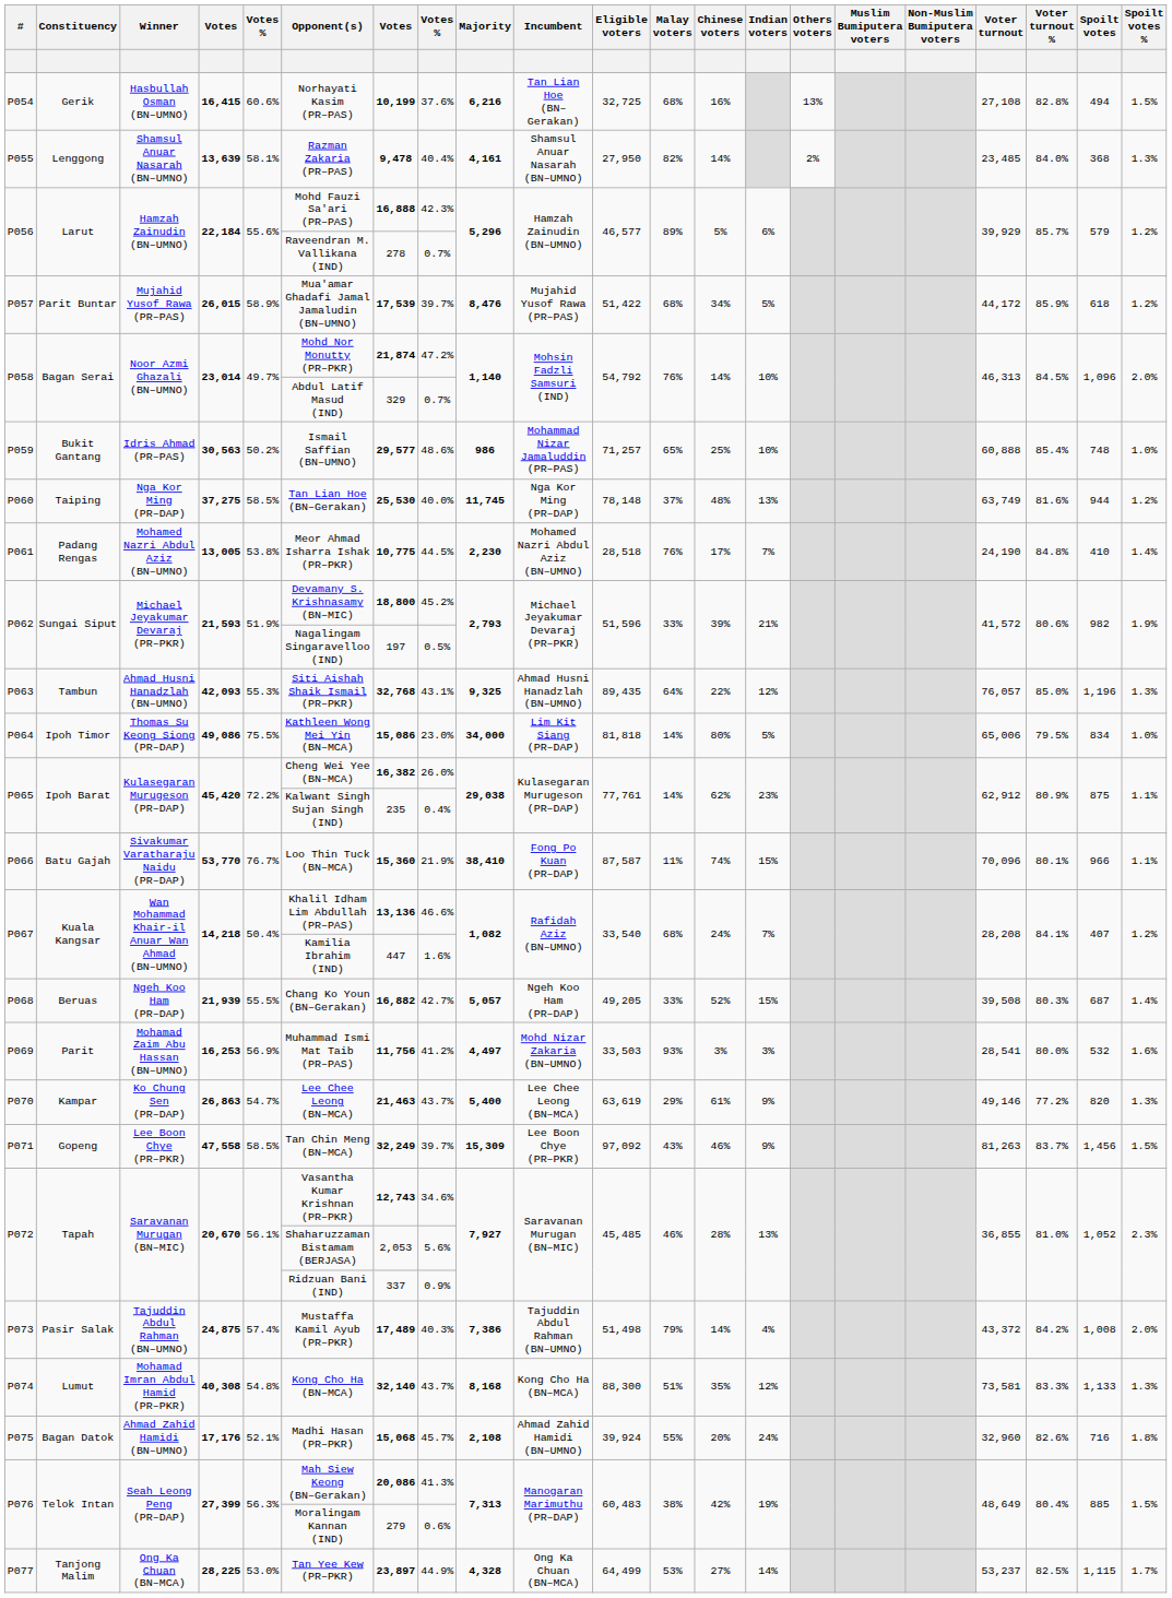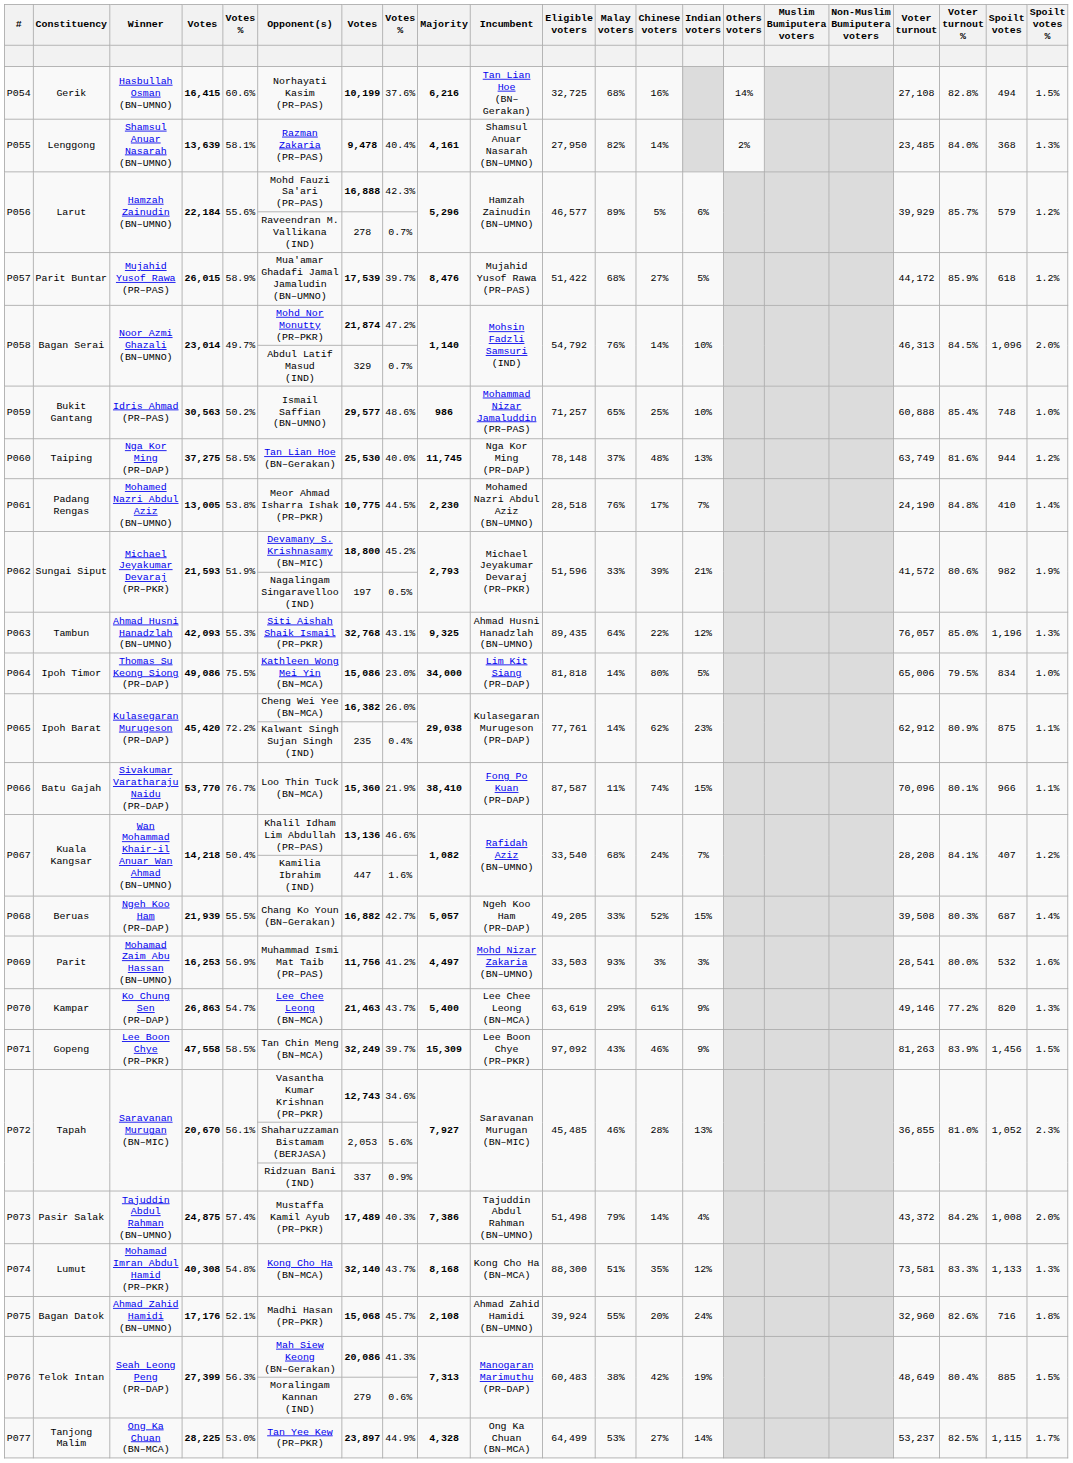 <table class="wikitable sortable" style="text-align:center; font-size:90%">
 <tr>
 <th width="30">#</th>
 <th width="60">Constituency</th>
 <th width="150">Winner</th>
 <th width="50">Votes</th>
 <th width="50">Votes %</th>
 <th width="150">Opponent(s)</th>
 <th width="50">Votes</th>
 <th width="50">Votes %</th>
 <th width="50">Majority</th>
 <th width="150">Incumbent</th>
 <th width="50">Eligible voters</th>
 <th width="50">Malay voters</th>
 <th width="50">Chinese voters</th>
 <th width="50">Indian voters</th>
 <th width="50">Others voters</th>
 <th width="50">Muslim Bumiputera voters</th>
 <th width="50">Non-Muslim Bumiputera voters</th>
 <th width="50">Voter turnout</th>
 <th width="50">Voter turnout %</th>
 <th width="50">Spoilt votes</th>
 <th width="50">Spoilt votes %</th>
 </tr>
 <tr>
 <th height="20"></th>
 <th></th>
 <th></th>
 <th></th>
 <th></th>
 <th></th>
 <th></th>
 <th></th>
 <th></th>
 <th></th>
 <th></th>
 <th></th>
 <th></th>
 <th></th>
 <th></th>
 <th></th>
 <th></th>
 <th></th>
 <th></th>
 <th></th>
 <th></th>
 </tr>
 <tr>
 <td>P054</td>
 <td>Gerik</td>
 <td><a href='#'>Hasbullah Osman</a><br>(BN–UMNO)</td>
 <td><strong>16,415</strong></td>
 <td>60.6%</td>
 <td>Norhayati Kasim<br>(PR–PAS)</td>
 <td><strong>10,199</strong></td>
 <td>37.6%</td>
 <td><strong>6,216</strong></td>
 <td><a href='#'>Tan Lian Hoe</a><br>(BN–Gerakan)</td>
 <td>32,725</td>
 <td>68%</td>
 <td>16%</td>
 <td bgcolor="dcdcdc"></td>
-<td>13%</td>
+<td>14%</td>
 <td bgcolor="dcdcdc"></td>
 <td bgcolor="dcdcdc"></td>
 <td>27,108</td>
 <td>82.8%</td>
 <td>494</td>
 <td>1.5%</td>
 </tr>
 <tr>
 <td>P055</td>
 <td>Lenggong</td>
 <td><a href='#'>Shamsul Anuar Nasarah</a><br>(BN–UMNO)</td>
 <td><strong>13,639</strong></td>
 <td>58.1%</td>
 <td><a href='#'>Razman Zakaria</a><br>(PR–PAS)</td>
 <td><strong>9,478</strong></td>
 <td>40.4%</td>
 <td><strong>4,161</strong></td>
 <td>Shamsul Anuar Nasarah<br>(BN–UMNO)</td>
 <td>27,950</td>
 <td>82%</td>
 <td>14%</td>
 <td bgcolor="dcdcdc"></td>
 <td>2%</td>
 <td bgcolor="dcdcdc"></td>
 <td bgcolor="dcdcdc"></td>
 <td>23,485</td>
 <td>84.0%</td>
 <td>368</td>
 <td>1.3%</td>
 </tr>
 <tr>
 <td rowspan="2">P056</td>
 <td rowspan="2">Larut</td>
 <td rowspan="2"><a href='#'>Hamzah Zainudin</a><br>(BN–UMNO)</td>
 <td rowspan="2"><strong>22,184</strong></td>
 <td rowspan="2">55.6%</td>
 <td>Mohd Fauzi Sa'ari<br>(PR–PAS)</td>
 <td><strong>16,888</strong></td>
 <td>42.3%</td>
 <td rowspan="2"><strong>5,296</strong></td>
 <td rowspan="2">Hamzah Zainudin<br>(BN–UMNO)</td>
 <td rowspan="2">46,577</td>
 <td rowspan="2">89%</td>
 <td rowspan="2">5%</td>
 <td rowspan="2">6%</td>
 <td rowspan="2" bgcolor="dcdcdc"></td>
 <td rowspan="2" bgcolor="dcdcdc"></td>
 <td rowspan="2" bgcolor="dcdcdc"></td>
 <td rowspan="2">39,929</td>
 <td rowspan="2">85.7%</td>
 <td rowspan="2">579</td>
 <td rowspan="2">1.2%</td>
 </tr>
 <tr>
 <td>Raveendran M. Vallikana<br>(IND)</td>
 <td>278</td>
 <td>0.7%</td>
 </tr>
 <tr>
 <td>P057</td>
 <td>Parit Buntar</td>
 <td><a href='#'>Mujahid Yusof Rawa</a><br>(PR–PAS)</td>
 <td><strong>26,015</strong></td>
 <td>58.9%</td>
 <td>Mua'amar Ghadafi Jamal Jamaludin<br>(BN–UMNO)</td>
 <td><strong>17,539</strong></td>
 <td>39.7%</td>
 <td><strong>8,476</strong></td>
 <td>Mujahid Yusof Rawa<br>(PR–PAS)</td>
 <td>51,422</td>
 <td>68%</td>
-<td>34%</td>
+<td>27%</td>
 <td>5%</td>
 <td bgcolor="dcdcdc"></td>
 <td bgcolor="dcdcdc"></td>
 <td bgcolor="dcdcdc"></td>
 <td>44,172</td>
 <td>85.9%</td>
 <td>618</td>
 <td>1.2%</td>
 </tr>
 <tr>
 <td rowspan="2">P058</td>
 <td rowspan="2">Bagan Serai</td>
 <td rowspan="2"><a href='#'>Noor Azmi Ghazali</a><br>(BN–UMNO)</td>
 <td rowspan="2"><strong>23,014</strong></td>
 <td rowspan="2">49.7%</td>
 <td><a href='#'>Mohd Nor Monutty</a><br>(PR–PKR)</td>
 <td><strong>21,874</strong></td>
 <td>47.2%</td>
 <td rowspan="2"><strong>1,140</strong></td>
 <td rowspan="2"><a href='#'>Mohsin Fadzli Samsuri</a><br>(IND)</td>
 <td rowspan="2">54,792</td>
 <td rowspan="2">76%</td>
 <td rowspan="2">14%</td>
 <td rowspan="2">10%</td>
 <td rowspan="2" bgcolor="dcdcdc"></td>
 <td rowspan="2" bgcolor="dcdcdc"></td>
 <td rowspan="2" bgcolor="dcdcdc"></td>
 <td rowspan="2">46,313</td>
 <td rowspan="2">84.5%</td>
 <td rowspan="2">1,096</td>
 <td rowspan="2">2.0%</td>
 </tr>
 <tr>
 <td>Abdul Latif Masud<br>(IND)</td>
 <td>329</td>
 <td>0.7%</td>
 </tr>
 <tr>
 <td>P059</td>
 <td>Bukit Gantang</td>
 <td><a href='#'>Idris Ahmad</a> <br>(PR–PAS)</td>
 <td><strong>30,563</strong></td>
 <td>50.2%</td>
 <td>Ismail Saffian<br>(BN–UMNO)</td>
 <td><strong>29,577</strong></td>
 <td>48.6%</td>
 <td><strong>986</strong></td>
 <td><a href='#'>Mohammad Nizar Jamaluddin</a><br>(PR–PAS)</td>
 <td>71,257</td>
 <td>65%</td>
 <td>25%</td>
 <td>10%</td>
 <td bgcolor="dcdcdc"></td>
 <td bgcolor="dcdcdc"></td>
 <td bgcolor="dcdcdc"></td>
 <td>60,888</td>
 <td>85.4%</td>
 <td>748</td>
 <td>1.0%</td>
 </tr>
 <tr>
 <td>P060</td>
 <td>Taiping</td>
 <td><a href='#'>Nga Kor Ming</a><br>(PR–DAP)</td>
 <td><strong>37,275</strong></td>
 <td>58.5%</td>
 <td><a href='#'>Tan Lian Hoe</a><br>(BN–Gerakan)</td>
 <td><strong>25,530</strong></td>
 <td>40.0%</td>
 <td><strong>11,745</strong></td>
 <td>Nga Kor Ming<br>(PR–DAP)</td>
 <td>78,148</td>
 <td>37%</td>
 <td>48%</td>
 <td>13%</td>
 <td bgcolor="dcdcdc"></td>
 <td bgcolor="dcdcdc"></td>
 <td bgcolor="dcdcdc"></td>
 <td>63,749</td>
 <td>81.6%</td>
 <td>944</td>
 <td>1.2%</td>
 </tr>
 <tr>
 <td>P061</td>
 <td>Padang Rengas</td>
 <td><a href='#'>Mohamed Nazri Abdul Aziz</a><br>(BN–UMNO)</td>
 <td><strong>13,005</strong></td>
 <td>53.8%</td>
 <td>Meor Ahmad Isharra Ishak<br>(PR–PKR)</td>
 <td><strong>10,775</strong></td>
 <td>44.5%</td>
 <td><strong>2,230</strong></td>
 <td>Mohamed Nazri Abdul Aziz<br>(BN–UMNO)</td>
 <td>28,518</td>
 <td>76%</td>
 <td>17%</td>
 <td>7%</td>
 <td bgcolor="dcdcdc"></td>
 <td bgcolor="dcdcdc"></td>
 <td bgcolor="dcdcdc"></td>
 <td>24,190</td>
 <td>84.8%</td>
 <td>410</td>
 <td>1.4%</td>
 </tr>
 <tr>
 <td rowspan="2">P062</td>
 <td rowspan="2">Sungai Siput</td>
 <td rowspan="2"><a href='#'>Michael Jeyakumar Devaraj</a><br>(PR–PKR)</td>
 <td rowspan="2"><strong>21,593</strong></td>
 <td rowspan="2">51.9%</td>
 <td><a href='#'>Devamany S. Krishnasamy</a><br>(BN–MIC)</td>
 <td><strong>18,800</strong></td>
 <td>45.2%</td>
 <td rowspan="2"><strong>2,793</strong></td>
 <td rowspan="2">Michael Jeyakumar Devaraj<br>(PR–PKR)</td>
 <td rowspan="2">51,596</td>
 <td rowspan="2">33%</td>
 <td rowspan="2">39%</td>
 <td rowspan="2">21%</td>
 <td rowspan="2" bgcolor="dcdcdc"></td>
 <td rowspan="2" bgcolor="dcdcdc"></td>
 <td rowspan="2" bgcolor="dcdcdc"></td>
 <td rowspan="2">41,572</td>
 <td rowspan="2">80.6%</td>
 <td rowspan="2">982</td>
 <td rowspan="2">1.9%</td>
 </tr>
 <tr>
 <td>Nagalingam Singaravelloo<br>(IND)</td>
 <td>197</td>
 <td>0.5%</td>
 </tr>
 <tr>
 <td>P063</td>
 <td>Tambun</td>
 <td><a href='#'>Ahmad Husni Hanadzlah</a><br>(BN–UMNO)</td>
 <td><strong>42,093</strong></td>
 <td>55.3%</td>
 <td><a href='#'>Siti Aishah Shaik Ismail</a><br>(PR–PKR)</td>
 <td><strong>32,768</strong></td>
 <td>43.1%</td>
 <td><strong>9,325</strong></td>
 <td>Ahmad Husni Hanadzlah<br>(BN–UMNO)</td>
 <td>89,435</td>
 <td>64%</td>
 <td>22%</td>
 <td>12%</td>
 <td bgcolor="dcdcdc"></td>
 <td bgcolor="dcdcdc"></td>
 <td bgcolor="dcdcdc"></td>
 <td>76,057</td>
 <td>85.0%</td>
 <td>1,196</td>
 <td>1.3%</td>
 </tr>
 <tr>
 <td>P064</td>
 <td>Ipoh Timor</td>
 <td><a href='#'>Thomas Su Keong Siong</a><br>(PR–DAP)</td>
 <td><strong>49,086</strong></td>
 <td>75.5%</td>
 <td><a href='#'>Kathleen Wong Mei Yin</a><br>(BN–MCA)</td>
 <td><strong>15,086</strong></td>
 <td>23.0%</td>
 <td><strong>34,000</strong></td>
 <td><a href='#'>Lim Kit Siang</a><br>(PR–DAP)</td>
 <td>81,818</td>
 <td>14%</td>
 <td>80%</td>
 <td>5%</td>
 <td bgcolor="dcdcdc"></td>
 <td bgcolor="dcdcdc"></td>
 <td bgcolor="dcdcdc"></td>
 <td>65,006</td>
 <td>79.5%</td>
 <td>834</td>
 <td>1.0%</td>
 </tr>
 <tr>
 <td rowspan="2">P065</td>
 <td rowspan="2">Ipoh Barat</td>
 <td rowspan="2"><a href='#'>Kulasegaran Murugeson</a><br>(PR–DAP)</td>
 <td rowspan="2"><strong>45,420</strong></td>
 <td rowspan="2">72.2%</td>
 <td>Cheng Wei Yee<br>(BN–MCA)</td>
 <td><strong>16,382</strong></td>
 <td>26.0%</td>
 <td rowspan="2"><strong>29,038</strong></td>
 <td rowspan="2">Kulasegaran Murugeson<br>(PR–DAP)</td>
 <td rowspan="2">77,761</td>
 <td rowspan="2">14%</td>
 <td rowspan="2">62%</td>
 <td rowspan="2">23%</td>
 <td rowspan="2" bgcolor="dcdcdc"></td>
 <td rowspan="2" bgcolor="dcdcdc"></td>
 <td rowspan="2" bgcolor="dcdcdc"></td>
 <td rowspan="2">62,912</td>
 <td rowspan="2">80.9%</td>
 <td rowspan="2">875</td>
 <td rowspan="2">1.1%</td>
 </tr>
 <tr>
 <td>Kalwant Singh Sujan Singh<br>(IND)</td>
 <td>235</td>
 <td>0.4%</td>
 </tr>
 <tr>
 <td>P066</td>
 <td>Batu Gajah</td>
 <td><a href='#'>Sivakumar Varatharaju Naidu</a><br>(PR–DAP)</td>
 <td><strong>53,770</strong></td>
 <td>76.7%</td>
 <td>Loo Thin Tuck<br>(BN–MCA)</td>
 <td><strong>15,360</strong></td>
 <td>21.9%</td>
 <td><strong>38,410</strong></td>
 <td><a href='#'>Fong Po Kuan</a><br>(PR–DAP)</td>
 <td>87,587</td>
 <td>11%</td>
 <td>74%</td>
 <td>15%</td>
 <td bgcolor="dcdcdc"></td>
 <td bgcolor="dcdcdc"></td>
 <td bgcolor="dcdcdc"></td>
 <td>70,096</td>
 <td>80.1%</td>
 <td>966</td>
 <td>1.1%</td>
 </tr>
 <tr>
 <td rowspan="2">P067</td>
 <td rowspan="2">Kuala Kangsar</td>
 <td rowspan="2"><a href='#'>Wan Mohammad Khair-il Anuar Wan Ahmad</a><br>(BN–UMNO)</td>
 <td rowspan="2"><strong>14,218</strong></td>
 <td rowspan="2">50.4%</td>
 <td>Khalil Idham Lim Abdullah<br>(PR–PAS)</td>
 <td><strong>13,136</strong></td>
 <td>46.6%</td>
 <td rowspan="2"><strong>1,082</strong></td>
 <td rowspan="2"><a href='#'>Rafidah Aziz</a><br>(BN–UMNO)</td>
 <td rowspan="2">33,540</td>
 <td rowspan="2">68%</td>
 <td rowspan="2">24%</td>
 <td rowspan="2">7%</td>
 <td rowspan="2" bgcolor="dcdcdc"></td>
 <td rowspan="2" bgcolor="dcdcdc"></td>
 <td rowspan="2" bgcolor="dcdcdc"></td>
 <td rowspan="2">28,208</td>
 <td rowspan="2">84.1%</td>
 <td rowspan="2">407</td>
 <td rowspan="2">1.2%</td>
 </tr>
 <tr>
 <td>Kamilia Ibrahim<br>(IND)</td>
 <td>447</td>
 <td>1.6%</td>
 </tr>
 <tr>
 <td>P068</td>
 <td>Beruas</td>
 <td><a href='#'>Ngeh Koo Ham</a><br>(PR–DAP)</td>
 <td><strong>21,939</strong></td>
 <td>55.5%</td>
 <td>Chang Ko Youn<br>(BN–Gerakan)</td>
 <td><strong>16,882</strong></td>
 <td>42.7%</td>
 <td><strong>5,057</strong></td>
 <td>Ngeh Koo Ham<br>(PR–DAP)</td>
 <td>49,205</td>
 <td>33%</td>
 <td>52%</td>
 <td>15%</td>
 <td bgcolor="dcdcdc"></td>
 <td bgcolor="dcdcdc"></td>
 <td bgcolor="dcdcdc"></td>
 <td>39,508</td>
 <td>80.3%</td>
 <td>687</td>
 <td>1.4%</td>
 </tr>
 <tr>
 <td>P069</td>
 <td>Parit</td>
 <td><a href='#'>Mohamad Zaim Abu Hassan</a><br>(BN–UMNO)</td>
 <td><strong>16,253</strong></td>
 <td>56.9%</td>
 <td>Muhammad Ismi Mat Taib<br>(PR–PAS)</td>
 <td><strong>11,756</strong></td>
 <td>41.2%</td>
 <td><strong>4,497</strong></td>
 <td><a href='#'>Mohd Nizar Zakaria</a><br>(BN–UMNO)</td>
 <td>33,503</td>
 <td>93%</td>
 <td>3%</td>
 <td>3%</td>
 <td bgcolor="dcdcdc"></td>
 <td bgcolor="dcdcdc"></td>
 <td bgcolor="dcdcdc"></td>
 <td>28,541</td>
 <td>80.0%</td>
 <td>532</td>
 <td>1.6%</td>
 </tr>
 <tr>
 <td>P070</td>
 <td>Kampar</td>
 <td><a href='#'>Ko Chung Sen</a><br>(PR–DAP)</td>
 <td><strong>26,863</strong></td>
 <td>54.7%</td>
 <td><a href='#'>Lee Chee Leong</a><br>(BN–MCA)</td>
 <td><strong>21,463</strong></td>
 <td>43.7%</td>
 <td><strong>5,400</strong></td>
 <td>Lee Chee Leong<br>(BN–MCA)</td>
 <td>63,619</td>
 <td>29%</td>
 <td>61%</td>
 <td>9%</td>
 <td bgcolor="dcdcdc"></td>
 <td bgcolor="dcdcdc"></td>
 <td bgcolor="dcdcdc"></td>
 <td>49,146</td>
 <td>77.2%</td>
 <td>820</td>
 <td>1.3%</td>
 </tr>
 <tr>
 <td>P071</td>
 <td>Gopeng</td>
 <td><a href='#'>Lee Boon Chye</a><br>(PR–PKR)</td>
 <td><strong>47,558</strong></td>
 <td>58.5%</td>
 <td>Tan Chin Meng<br>(BN–MCA)</td>
 <td><strong>32,249</strong></td>
 <td>39.7%</td>
 <td><strong>15,309</strong></td>
 <td>Lee Boon Chye<br>(PR–PKR)</td>
 <td>97,092</td>
 <td>43%</td>
 <td>46%</td>
 <td>9%</td>
 <td bgcolor="dcdcdc"></td>
 <td bgcolor="dcdcdc"></td>
 <td bgcolor="dcdcdc"></td>
 <td>81,263</td>
-<td>83.7%</td>
+<td>83.9%</td>
 <td>1,456</td>
 <td>1.5%</td>
 </tr>
 <tr>
 <td rowspan="3">P072</td>
 <td rowspan="3">Tapah</td>
 <td rowspan="3"><a href='#'>Saravanan Murugan</a><br>(BN–MIC)</td>
 <td rowspan="3"><strong>20,670</strong></td>
 <td rowspan="3">56.1%</td>
 <td>Vasantha Kumar Krishnan<br>(PR–PKR)</td>
 <td><strong>12,743</strong></td>
 <td>34.6%</td>
 <td rowspan="3"><strong>7,927</strong></td>
 <td rowspan="3">Saravanan Murugan<br>(BN–MIC)</td>
 <td rowspan="3">45,485</td>
 <td rowspan="3">46%</td>
 <td rowspan="3">28%</td>
 <td rowspan="3">13%</td>
 <td rowspan="3" bgcolor="dcdcdc"></td>
 <td rowspan="3" bgcolor="dcdcdc"></td>
 <td rowspan="3" bgcolor="dcdcdc"></td>
 <td rowspan="3">36,855</td>
 <td rowspan="3">81.0%</td>
 <td rowspan="3">1,052</td>
 <td rowspan="3">2.3%</td>
 </tr>
 <tr>
 <td>Shaharuzzaman Bistamam<br>(BERJASA)</td>
 <td>2,053</td>
 <td>5.6%</td>
 </tr>
 <tr>
 <td>Ridzuan Bani<br>(IND)</td>
 <td>337</td>
 <td>0.9%</td>
 </tr>
 <tr>
 <td>P073</td>
 <td>Pasir Salak</td>
 <td><a href='#'>Tajuddin Abdul Rahman</a><br>(BN–UMNO)</td>
 <td><strong>24,875</strong></td>
 <td>57.4%</td>
 <td>Mustaffa Kamil Ayub<br>(PR–PKR)</td>
 <td><strong>17,489</strong></td>
 <td>40.3%</td>
 <td><strong>7,386</strong></td>
 <td>Tajuddin Abdul Rahman<br>(BN–UMNO)</td>
 <td>51,498</td>
 <td>79%</td>
 <td>14%</td>
 <td>4%</td>
 <td bgcolor="dcdcdc"></td>
 <td bgcolor="dcdcdc"></td>
 <td bgcolor="dcdcdc"></td>
 <td>43,372</td>
 <td>84.2%</td>
 <td>1,008</td>
 <td>2.0%</td>
 </tr>
 <tr>
 <td>P074</td>
 <td>Lumut</td>
 <td><a href='#'>Mohamad Imran Abdul Hamid</a><br>(PR–PKR)</td>
 <td><strong>40,308</strong></td>
 <td>54.8%</td>
 <td><a href='#'>Kong Cho Ha</a><br>(BN–MCA)</td>
 <td><strong>32,140</strong></td>
 <td>43.7%</td>
 <td><strong>8,168</strong></td>
 <td>Kong Cho Ha<br>(BN–MCA)</td>
 <td>88,300</td>
 <td>51%</td>
 <td>35%</td>
 <td>12%</td>
 <td bgcolor="dcdcdc"></td>
 <td bgcolor="dcdcdc"></td>
 <td bgcolor="dcdcdc"></td>
 <td>73,581</td>
 <td>83.3%</td>
 <td>1,133</td>
 <td>1.3%</td>
 </tr>
 <tr>
 <td>P075</td>
 <td>Bagan Datok</td>
 <td><a href='#'>Ahmad Zahid Hamidi</a><br>(BN–UMNO)</td>
 <td><strong>17,176</strong></td>
 <td>52.1%</td>
 <td>Madhi Hasan<br>(PR–PKR)</td>
 <td><strong>15,068</strong></td>
 <td>45.7%</td>
 <td><strong>2,108</strong></td>
 <td>Ahmad Zahid Hamidi<br>(BN–UMNO)</td>
 <td>39,924</td>
 <td>55%</td>
 <td>20%</td>
 <td>24%</td>
 <td bgcolor="dcdcdc"></td>
 <td bgcolor="dcdcdc"></td>
 <td bgcolor="dcdcdc"></td>
 <td>32,960</td>
 <td>82.6%</td>
 <td>716</td>
 <td>1.8%</td>
 </tr>
 <tr>
 <td rowspan="2">P076</td>
 <td rowspan="2">Telok Intan</td>
 <td rowspan="2"><a href='#'>Seah Leong Peng</a><br>(PR–DAP)</td>
 <td rowspan="2"><strong>27,399</strong></td>
 <td rowspan="2">56.3%</td>
 <td><a href='#'>Mah Siew Keong</a><br>(BN–Gerakan)</td>
 <td><strong>20,086</strong></td>
 <td>41.3%</td>
 <td rowspan="2"><strong>7,313</strong></td>
 <td rowspan="2"><a href='#'>Manogaran Marimuthu</a><br>(PR–DAP)</td>
 <td rowspan="2">60,483</td>
 <td rowspan="2">38%</td>
 <td rowspan="2">42%</td>
 <td rowspan="2">19%</td>
 <td rowspan="2" bgcolor="dcdcdc"></td>
 <td rowspan="2" bgcolor="dcdcdc"></td>
 <td rowspan="2" bgcolor="dcdcdc"></td>
 <td rowspan="2">48,649</td>
 <td rowspan="2">80.4%</td>
 <td rowspan="2">885</td>
 <td rowspan="2">1.5%</td>
 </tr>
 <tr>
 <td>Moralingam Kannan<br>(IND)</td>
 <td>279</td>
 <td>0.6%</td>
 </tr>
 <tr>
 <td>P077</td>
 <td>Tanjong Malim</td>
 <td><a href='#'>Ong Ka Chuan</a><br>(BN–MCA)</td>
 <td><strong>28,225</strong></td>
 <td>53.0%</td>
 <td><a href='#'>Tan Yee Kew</a><br>(PR–PKR)</td>
 <td><strong>23,897</strong></td>
 <td>44.9%</td>
 <td><strong>4,328</strong></td>
 <td>Ong Ka Chuan<br>(BN–MCA)</td>
 <td>64,499</td>
 <td>53%</td>
 <td>27%</td>
 <td>14%</td>
 <td bgcolor="dcdcdc"></td>
 <td bgcolor="dcdcdc"></td>
 <td bgcolor="dcdcdc"></td>
 <td>53,237</td>
 <td>82.5%</td>
 <td>1,115</td>
 <td>1.7%</td>
 </tr>
 </table>
